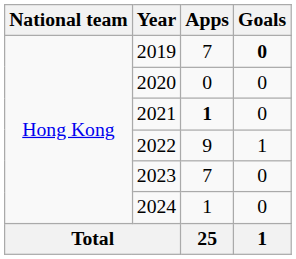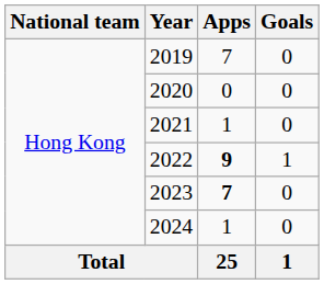 <table class="wikitable" style="text-align:center">
 <tr>
 <th>National team</th>
 <th>Year</th>
 <th>Apps</th>
 <th>Goals</th>
 </tr>
 <tr>
 <td rowspan="6"><a href='#'>Hong Kong</a></td>
 <td>2019</td>
 <td>7</td>
-<td><strong>0</strong></td>
+<td>0</td>
 </tr>
 <tr>
 <td>2020</td>
 <td>0</td>
 <td>0</td>
 </tr>
 <tr>
 <td>2021</td>
-<td><strong>1</strong></td>
+<td>1</td>
 <td>0</td>
 </tr>
 <tr>
 <td>2022</td>
-<td>9</td>
+<td><strong>9</strong></td>
 <td>1</td>
 </tr>
 <tr>
 <td>2023</td>
-<td>7</td>
+<td><strong>7</strong></td>
 <td>0</td>
 </tr>
 <tr>
 <td>2024</td>
 <td>1</td>
 <td>0</td>
 </tr>
 <tr>
 <th colspan=2>Total</th>
 <th>25</th>
 <th>1</th>
 </tr>
 </table>
